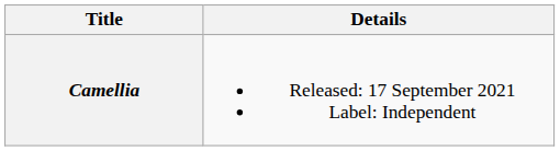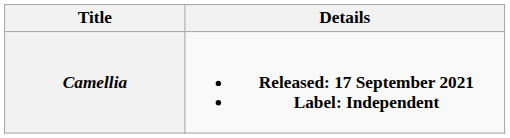 <table class="wikitable plainrowheaders" style="text-align:center;">
 <tr>
 <th scope="col" style="width:10em;">Title</th>
 <th scope="col" style="width:18em;">Details</th>
 </tr>
 <tr>
 <th scope="row"><em>Camellia</em></th>
-<td><br><ul><li>Released: 17 September 2021</li><li>Label: Independent</li></ul></td>
+<td><strong><br><ul><li>Released: 17 September 2021</li><li>Label: Independent</li></ul></strong></td>
 </tr>
 </table>
